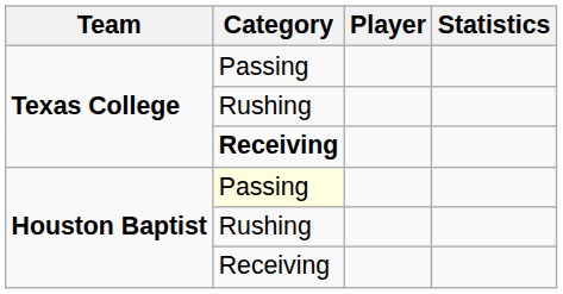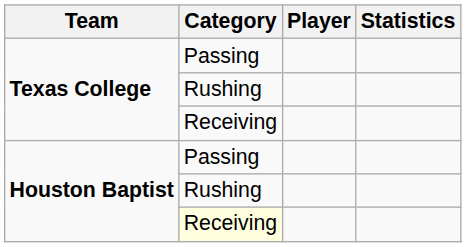 <table class="wikitable" style="float: left;">
 <tr>
 <th>Team</th>
 <th>Category</th>
 <th>Player</th>
 <th>Statistics</th>
 </tr>
 <tr>
 <td rowspan=3><strong>Texas College</strong></td>
 <td>Passing</td>
 <td></td>
 <td></td>
 </tr>
 <tr>
 <td>Rushing</td>
 <td></td>
 <td></td>
 </tr>
 <tr>
-<td><strong>Receiving</strong></td>
+<td>Receiving</td>
 <td></td>
 <td></td>
 </tr>
 <tr>
 <td rowspan=3><strong>Houston Baptist</strong></td>
-<td style="background: lightyellow;">Passing</td>
+<td>Passing</td>
 <td></td>
 <td></td>
 </tr>
 <tr>
 <td>Rushing</td>
 <td></td>
 <td></td>
 </tr>
 <tr>
-<td>Receiving</td>
+<td style="background: lightyellow;">Receiving</td>
 <td></td>
 <td></td>
 </tr>
 </table>
